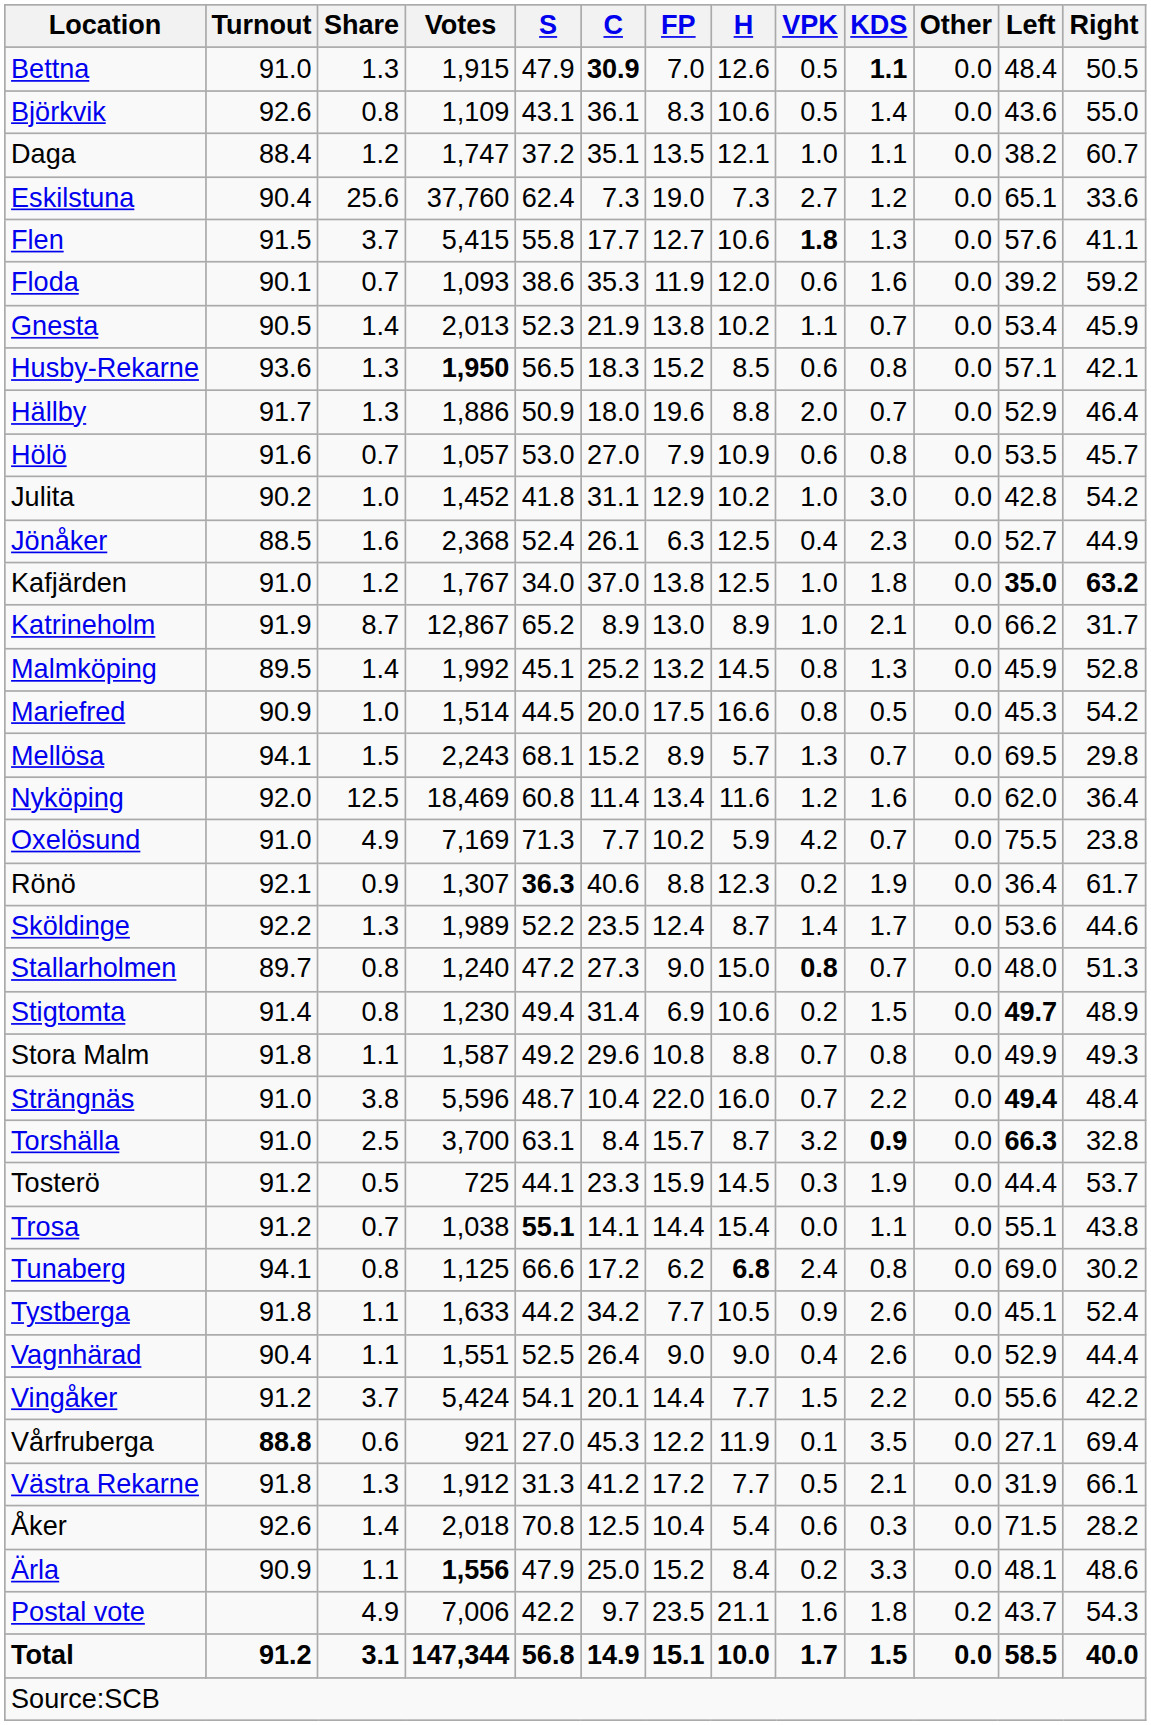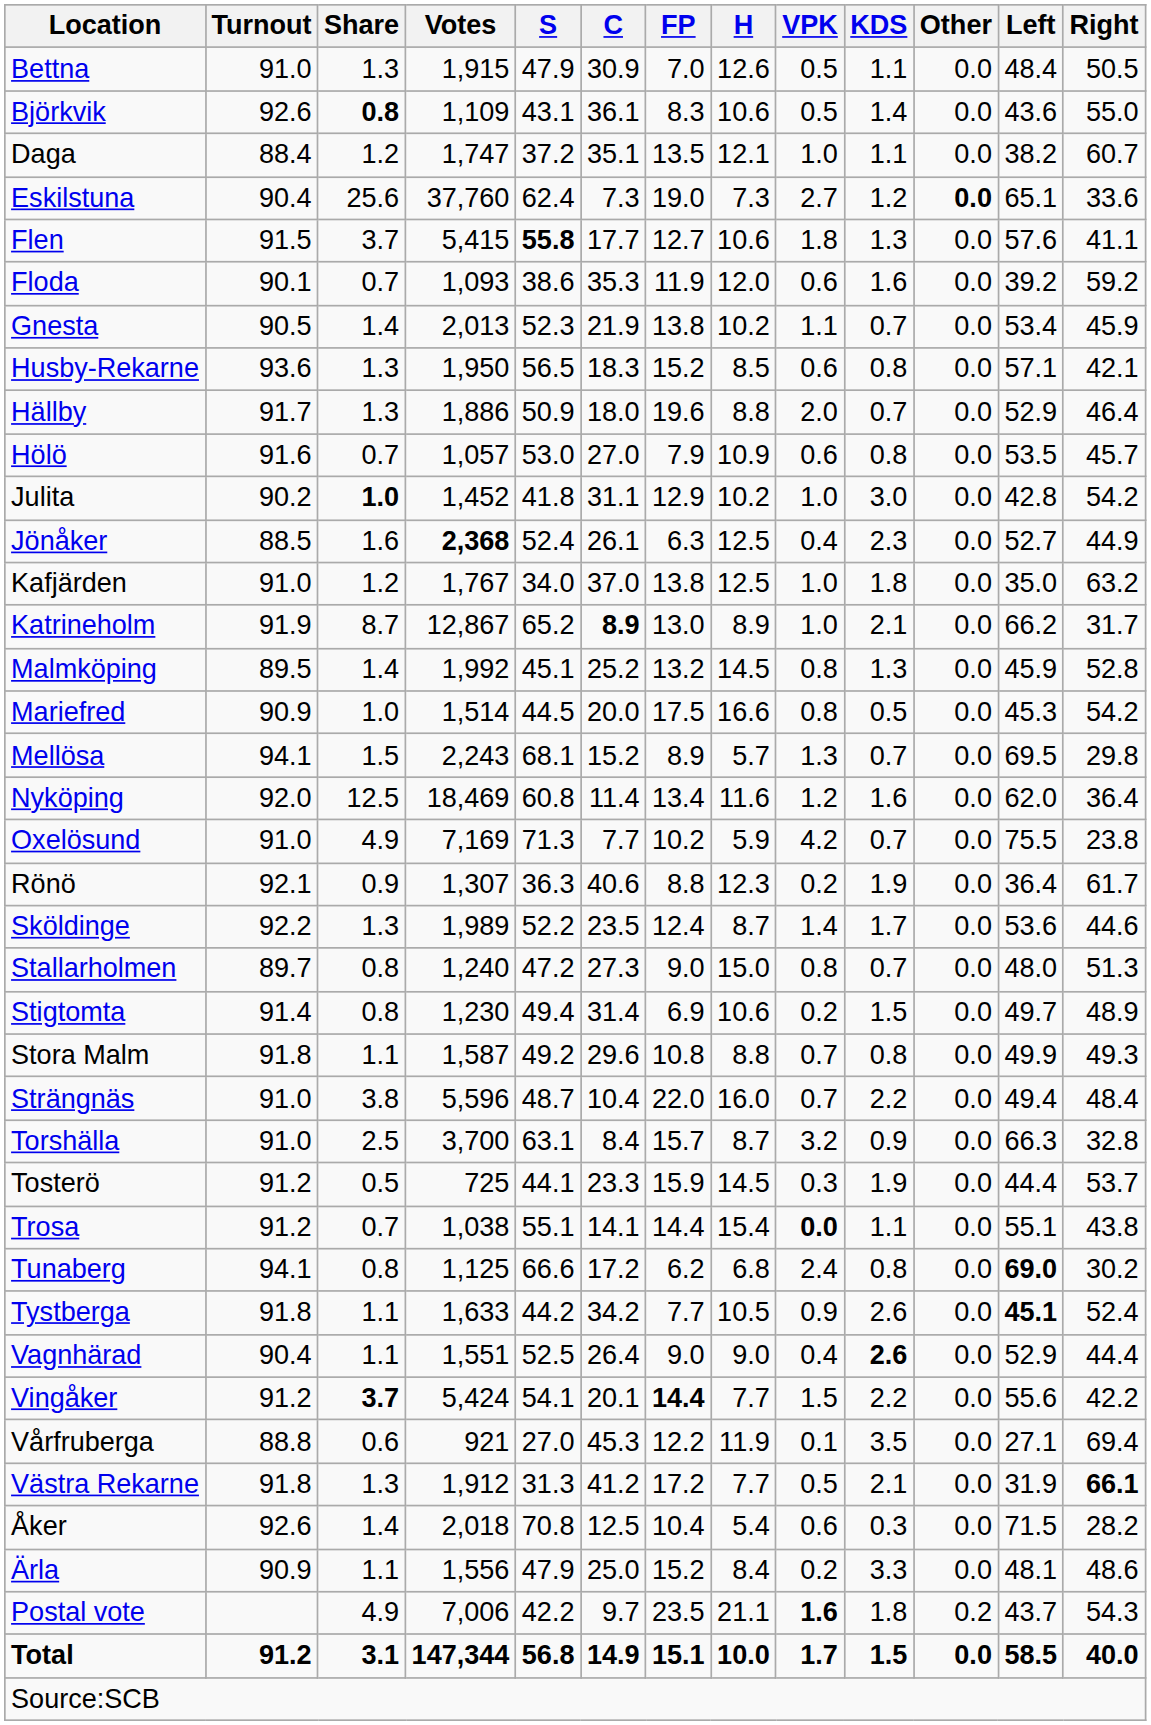 <table class="wikitable sortable" style=text-align:right>
 <tr>
 <th>Location</th>
 <th>Turnout</th>
 <th>Share</th>
 <th>Votes</th>
 <th><a href='#'>S</a></th>
 <th><a href='#'>C</a></th>
 <th><a href='#'>FP</a></th>
 <th><a href='#'>H</a></th>
 <th><a href='#'>VPK</a></th>
 <th><a href='#'>KDS</a></th>
 <th>Other</th>
 <th>Left</th>
 <th>Right</th>
 </tr>
 <tr>
 <td align=left><a href='#'>Bettna</a></td>
 <td>91.0</td>
 <td>1.3</td>
 <td>1,915</td>
 <td>47.9</td>
-<td><strong>30.9</strong></td>
+<td>30.9</td>
 <td>7.0</td>
 <td>12.6</td>
 <td>0.5</td>
-<td><strong>1.1</strong></td>
+<td>1.1</td>
 <td>0.0</td>
 <td>48.4</td>
 <td>50.5</td>
 </tr>
 <tr>
 <td align=left><a href='#'>Björkvik</a></td>
 <td>92.6</td>
-<td>0.8</td>
+<td><strong>0.8</strong></td>
 <td>1,109</td>
 <td>43.1</td>
 <td>36.1</td>
 <td>8.3</td>
 <td>10.6</td>
 <td>0.5</td>
 <td>1.4</td>
 <td>0.0</td>
 <td>43.6</td>
 <td>55.0</td>
 </tr>
 <tr>
 <td align=left>Daga</td>
 <td>88.4</td>
 <td>1.2</td>
 <td>1,747</td>
 <td>37.2</td>
 <td>35.1</td>
 <td>13.5</td>
 <td>12.1</td>
 <td>1.0</td>
 <td>1.1</td>
 <td>0.0</td>
 <td>38.2</td>
 <td>60.7</td>
 </tr>
 <tr>
 <td align=left><a href='#'>Eskilstuna</a></td>
 <td>90.4</td>
 <td>25.6</td>
 <td>37,760</td>
 <td>62.4</td>
 <td>7.3</td>
 <td>19.0</td>
 <td>7.3</td>
 <td>2.7</td>
 <td>1.2</td>
-<td>0.0</td>
+<td><strong>0.0</strong></td>
 <td>65.1</td>
 <td>33.6</td>
 </tr>
 <tr>
 <td align=left><a href='#'>Flen</a></td>
 <td>91.5</td>
 <td>3.7</td>
 <td>5,415</td>
-<td>55.8</td>
+<td><strong>55.8</strong></td>
 <td>17.7</td>
 <td>12.7</td>
 <td>10.6</td>
-<td><strong>1.8</strong></td>
+<td>1.8</td>
 <td>1.3</td>
 <td>0.0</td>
 <td>57.6</td>
 <td>41.1</td>
 </tr>
 <tr>
 <td align=left><a href='#'>Floda</a></td>
 <td>90.1</td>
 <td>0.7</td>
 <td>1,093</td>
 <td>38.6</td>
 <td>35.3</td>
 <td>11.9</td>
 <td>12.0</td>
 <td>0.6</td>
 <td>1.6</td>
 <td>0.0</td>
 <td>39.2</td>
 <td>59.2</td>
 </tr>
 <tr>
 <td align=left><a href='#'>Gnesta</a></td>
 <td>90.5</td>
 <td>1.4</td>
 <td>2,013</td>
 <td>52.3</td>
 <td>21.9</td>
 <td>13.8</td>
 <td>10.2</td>
 <td>1.1</td>
 <td>0.7</td>
 <td>0.0</td>
 <td>53.4</td>
 <td>45.9</td>
 </tr>
 <tr>
 <td align=left><a href='#'>Husby-Rekarne</a></td>
 <td>93.6</td>
 <td>1.3</td>
-<td><strong>1,950</strong></td>
+<td>1,950</td>
 <td>56.5</td>
 <td>18.3</td>
 <td>15.2</td>
 <td>8.5</td>
 <td>0.6</td>
 <td>0.8</td>
 <td>0.0</td>
 <td>57.1</td>
 <td>42.1</td>
 </tr>
 <tr>
 <td align=left><a href='#'>Hällby</a></td>
 <td>91.7</td>
 <td>1.3</td>
 <td>1,886</td>
 <td>50.9</td>
 <td>18.0</td>
 <td>19.6</td>
 <td>8.8</td>
 <td>2.0</td>
 <td>0.7</td>
 <td>0.0</td>
 <td>52.9</td>
 <td>46.4</td>
 </tr>
 <tr>
 <td align=left><a href='#'>Hölö</a></td>
 <td>91.6</td>
 <td>0.7</td>
 <td>1,057</td>
 <td>53.0</td>
 <td>27.0</td>
 <td>7.9</td>
 <td>10.9</td>
 <td>0.6</td>
 <td>0.8</td>
 <td>0.0</td>
 <td>53.5</td>
 <td>45.7</td>
 </tr>
 <tr>
 <td align=left>Julita</td>
 <td>90.2</td>
-<td>1.0</td>
+<td><strong>1.0</strong></td>
 <td>1,452</td>
 <td>41.8</td>
 <td>31.1</td>
 <td>12.9</td>
 <td>10.2</td>
 <td>1.0</td>
 <td>3.0</td>
 <td>0.0</td>
 <td>42.8</td>
 <td>54.2</td>
 </tr>
 <tr>
 <td align=left><a href='#'>Jönåker</a></td>
 <td>88.5</td>
 <td>1.6</td>
-<td>2,368</td>
+<td><strong>2,368</strong></td>
 <td>52.4</td>
 <td>26.1</td>
 <td>6.3</td>
 <td>12.5</td>
 <td>0.4</td>
 <td>2.3</td>
 <td>0.0</td>
 <td>52.7</td>
 <td>44.9</td>
 </tr>
 <tr>
 <td align=left>Kafjärden</td>
 <td>91.0</td>
 <td>1.2</td>
 <td>1,767</td>
 <td>34.0</td>
 <td>37.0</td>
 <td>13.8</td>
 <td>12.5</td>
 <td>1.0</td>
 <td>1.8</td>
 <td>0.0</td>
-<td><strong>35.0</strong></td>
-<td><strong>63.2</strong></td>
+<td>35.0</td>
+<td>63.2</td>
 </tr>
 <tr>
 <td align=left><a href='#'>Katrineholm</a></td>
 <td>91.9</td>
 <td>8.7</td>
 <td>12,867</td>
 <td>65.2</td>
-<td>8.9</td>
+<td><strong>8.9</strong></td>
 <td>13.0</td>
 <td>8.9</td>
 <td>1.0</td>
 <td>2.1</td>
 <td>0.0</td>
 <td>66.2</td>
 <td>31.7</td>
 </tr>
 <tr>
 <td align=left><a href='#'>Malmköping</a></td>
 <td>89.5</td>
 <td>1.4</td>
 <td>1,992</td>
 <td>45.1</td>
 <td>25.2</td>
 <td>13.2</td>
 <td>14.5</td>
 <td>0.8</td>
 <td>1.3</td>
 <td>0.0</td>
 <td>45.9</td>
 <td>52.8</td>
 </tr>
 <tr>
 <td align=left><a href='#'>Mariefred</a></td>
 <td>90.9</td>
 <td>1.0</td>
 <td>1,514</td>
 <td>44.5</td>
 <td>20.0</td>
 <td>17.5</td>
 <td>16.6</td>
 <td>0.8</td>
 <td>0.5</td>
 <td>0.0</td>
 <td>45.3</td>
 <td>54.2</td>
 </tr>
 <tr>
 <td align=left><a href='#'>Mellösa</a></td>
 <td>94.1</td>
 <td>1.5</td>
 <td>2,243</td>
 <td>68.1</td>
 <td>15.2</td>
 <td>8.9</td>
 <td>5.7</td>
 <td>1.3</td>
 <td>0.7</td>
 <td>0.0</td>
 <td>69.5</td>
 <td>29.8</td>
 </tr>
 <tr>
 <td align=left><a href='#'>Nyköping</a></td>
 <td>92.0</td>
 <td>12.5</td>
 <td>18,469</td>
 <td>60.8</td>
 <td>11.4</td>
 <td>13.4</td>
 <td>11.6</td>
 <td>1.2</td>
 <td>1.6</td>
 <td>0.0</td>
 <td>62.0</td>
 <td>36.4</td>
 </tr>
 <tr>
 <td align=left><a href='#'>Oxelösund</a></td>
 <td>91.0</td>
 <td>4.9</td>
 <td>7,169</td>
 <td>71.3</td>
 <td>7.7</td>
 <td>10.2</td>
 <td>5.9</td>
 <td>4.2</td>
 <td>0.7</td>
 <td>0.0</td>
 <td>75.5</td>
 <td>23.8</td>
 </tr>
 <tr>
 <td align=left>Rönö</td>
 <td>92.1</td>
 <td>0.9</td>
 <td>1,307</td>
-<td><strong>36.3</strong></td>
+<td>36.3</td>
 <td>40.6</td>
 <td>8.8</td>
 <td>12.3</td>
 <td>0.2</td>
 <td>1.9</td>
 <td>0.0</td>
 <td>36.4</td>
 <td>61.7</td>
 </tr>
 <tr>
 <td align=left><a href='#'>Sköldinge</a></td>
 <td>92.2</td>
 <td>1.3</td>
 <td>1,989</td>
 <td>52.2</td>
 <td>23.5</td>
 <td>12.4</td>
 <td>8.7</td>
 <td>1.4</td>
 <td>1.7</td>
 <td>0.0</td>
 <td>53.6</td>
 <td>44.6</td>
 </tr>
 <tr>
 <td align=left><a href='#'>Stallarholmen</a></td>
 <td>89.7</td>
 <td>0.8</td>
 <td>1,240</td>
 <td>47.2</td>
 <td>27.3</td>
 <td>9.0</td>
 <td>15.0</td>
-<td><strong>0.8</strong></td>
+<td>0.8</td>
 <td>0.7</td>
 <td>0.0</td>
 <td>48.0</td>
 <td>51.3</td>
 </tr>
 <tr>
 <td align=left><a href='#'>Stigtomta</a></td>
 <td>91.4</td>
 <td>0.8</td>
 <td>1,230</td>
 <td>49.4</td>
 <td>31.4</td>
 <td>6.9</td>
 <td>10.6</td>
 <td>0.2</td>
 <td>1.5</td>
 <td>0.0</td>
-<td><strong>49.7</strong></td>
+<td>49.7</td>
 <td>48.9</td>
 </tr>
 <tr>
 <td align=left>Stora Malm</td>
 <td>91.8</td>
 <td>1.1</td>
 <td>1,587</td>
 <td>49.2</td>
 <td>29.6</td>
 <td>10.8</td>
 <td>8.8</td>
 <td>0.7</td>
 <td>0.8</td>
 <td>0.0</td>
 <td>49.9</td>
 <td>49.3</td>
 </tr>
 <tr>
 <td align=left><a href='#'>Strängnäs</a></td>
 <td>91.0</td>
 <td>3.8</td>
 <td>5,596</td>
 <td>48.7</td>
 <td>10.4</td>
 <td>22.0</td>
 <td>16.0</td>
 <td>0.7</td>
 <td>2.2</td>
 <td>0.0</td>
-<td><strong>49.4</strong></td>
+<td>49.4</td>
 <td>48.4</td>
 </tr>
 <tr>
 <td align=left><a href='#'>Torshälla</a></td>
 <td>91.0</td>
 <td>2.5</td>
 <td>3,700</td>
 <td>63.1</td>
 <td>8.4</td>
 <td>15.7</td>
 <td>8.7</td>
 <td>3.2</td>
-<td><strong>0.9</strong></td>
+<td>0.9</td>
 <td>0.0</td>
-<td><strong>66.3</strong></td>
+<td>66.3</td>
 <td>32.8</td>
 </tr>
 <tr>
 <td align=left>Tosterö</td>
 <td>91.2</td>
 <td>0.5</td>
 <td>725</td>
 <td>44.1</td>
 <td>23.3</td>
 <td>15.9</td>
 <td>14.5</td>
 <td>0.3</td>
 <td>1.9</td>
 <td>0.0</td>
 <td>44.4</td>
 <td>53.7</td>
 </tr>
 <tr>
 <td align=left><a href='#'>Trosa</a></td>
 <td>91.2</td>
 <td>0.7</td>
 <td>1,038</td>
-<td><strong>55.1</strong></td>
+<td>55.1</td>
 <td>14.1</td>
 <td>14.4</td>
 <td>15.4</td>
-<td>0.0</td>
+<td><strong>0.0</strong></td>
 <td>1.1</td>
 <td>0.0</td>
 <td>55.1</td>
 <td>43.8</td>
 </tr>
 <tr>
 <td align=left><a href='#'>Tunaberg</a></td>
 <td>94.1</td>
 <td>0.8</td>
 <td>1,125</td>
 <td>66.6</td>
 <td>17.2</td>
 <td>6.2</td>
-<td><strong>6.8</strong></td>
+<td>6.8</td>
 <td>2.4</td>
 <td>0.8</td>
 <td>0.0</td>
-<td>69.0</td>
+<td><strong>69.0</strong></td>
 <td>30.2</td>
 </tr>
 <tr>
 <td align=left><a href='#'>Tystberga</a></td>
 <td>91.8</td>
 <td>1.1</td>
 <td>1,633</td>
 <td>44.2</td>
 <td>34.2</td>
 <td>7.7</td>
 <td>10.5</td>
 <td>0.9</td>
 <td>2.6</td>
 <td>0.0</td>
-<td>45.1</td>
+<td><strong>45.1</strong></td>
 <td>52.4</td>
 </tr>
 <tr>
 <td align=left><a href='#'>Vagnhärad</a></td>
 <td>90.4</td>
 <td>1.1</td>
 <td>1,551</td>
 <td>52.5</td>
 <td>26.4</td>
 <td>9.0</td>
 <td>9.0</td>
 <td>0.4</td>
-<td>2.6</td>
+<td><strong>2.6</strong></td>
 <td>0.0</td>
 <td>52.9</td>
 <td>44.4</td>
 </tr>
 <tr>
 <td align=left><a href='#'>Vingåker</a></td>
 <td>91.2</td>
-<td>3.7</td>
+<td><strong>3.7</strong></td>
 <td>5,424</td>
 <td>54.1</td>
 <td>20.1</td>
-<td>14.4</td>
+<td><strong>14.4</strong></td>
 <td>7.7</td>
 <td>1.5</td>
 <td>2.2</td>
 <td>0.0</td>
 <td>55.6</td>
 <td>42.2</td>
 </tr>
 <tr>
 <td align=left>Vårfruberga</td>
-<td><strong>88.8</strong></td>
+<td>88.8</td>
 <td>0.6</td>
 <td>921</td>
 <td>27.0</td>
 <td>45.3</td>
 <td>12.2</td>
 <td>11.9</td>
 <td>0.1</td>
 <td>3.5</td>
 <td>0.0</td>
 <td>27.1</td>
 <td>69.4</td>
 </tr>
 <tr>
 <td align=left><a href='#'>Västra Rekarne</a></td>
 <td>91.8</td>
 <td>1.3</td>
 <td>1,912</td>
 <td>31.3</td>
 <td>41.2</td>
 <td>17.2</td>
 <td>7.7</td>
 <td>0.5</td>
 <td>2.1</td>
 <td>0.0</td>
 <td>31.9</td>
-<td>66.1</td>
+<td><strong>66.1</strong></td>
 </tr>
 <tr>
 <td align=left>Åker</td>
 <td>92.6</td>
 <td>1.4</td>
 <td>2,018</td>
 <td>70.8</td>
 <td>12.5</td>
 <td>10.4</td>
 <td>5.4</td>
 <td>0.6</td>
 <td>0.3</td>
 <td>0.0</td>
 <td>71.5</td>
 <td>28.2</td>
 </tr>
 <tr>
 <td align=left><a href='#'>Ärla</a></td>
 <td>90.9</td>
 <td>1.1</td>
-<td><strong>1,556</strong></td>
+<td>1,556</td>
 <td>47.9</td>
 <td>25.0</td>
 <td>15.2</td>
 <td>8.4</td>
 <td>0.2</td>
 <td>3.3</td>
 <td>0.0</td>
 <td>48.1</td>
 <td>48.6</td>
 </tr>
 <tr>
 <td align=left><a href='#'>Postal vote</a></td>
 <td></td>
 <td>4.9</td>
 <td>7,006</td>
 <td>42.2</td>
 <td>9.7</td>
 <td>23.5</td>
 <td>21.1</td>
-<td>1.6</td>
+<td><strong>1.6</strong></td>
 <td>1.8</td>
 <td>0.2</td>
 <td>43.7</td>
 <td>54.3</td>
 </tr>
 <tr>
 <td align=left><strong>Total</strong></td>
 <td><strong>91.2</strong></td>
 <td><strong>3.1</strong></td>
 <td><strong>147,344</strong></td>
 <td><strong>56.8</strong></td>
 <td><strong>14.9</strong></td>
 <td><strong>15.1</strong></td>
 <td><strong>10.0</strong></td>
 <td><strong>1.7</strong></td>
 <td><strong>1.5</strong></td>
 <td><strong>0.0</strong></td>
 <td><strong>58.5</strong></td>
 <td><strong>40.0</strong></td>
 </tr>
 <tr>
 <td align=left colspan=13>Source:SCB </td>
 </tr>
 </table>
